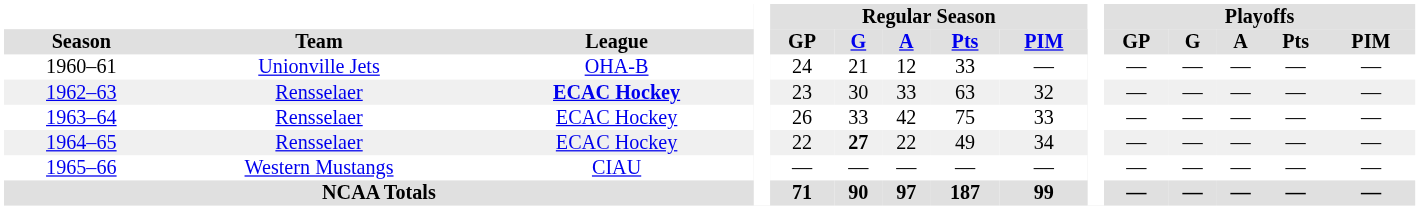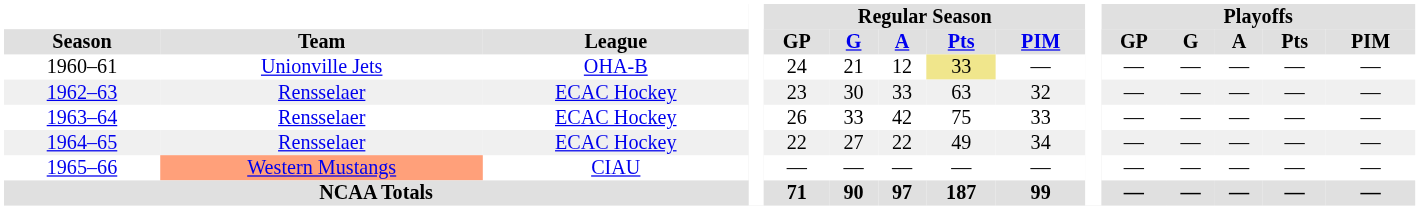 <table border="0" cellpadding="1" cellspacing="0" style="text-align:center; width:70em">
 <tr bgcolor="#e0e0e0">
 <th colspan="3"  bgcolor="#ffffff"> </th>
 <th rowspan="99" bgcolor="#ffffff"> </th>
 <th colspan="5">Regular Season</th>
 <th rowspan="99" bgcolor="#ffffff"> </th>
 <th colspan="5">Playoffs</th>
 </tr>
 <tr bgcolor="#e0e0e0">
 <th>Season</th>
 <th>Team</th>
 <th>League</th>
 <th>GP</th>
 <th><a href='#'>G</a></th>
 <th><a href='#'>A</a></th>
 <th><a href='#'>Pts</a></th>
 <th><a href='#'>PIM</a></th>
 <th>GP</th>
 <th>G</th>
 <th>A</th>
 <th>Pts</th>
 <th>PIM</th>
 </tr>
 <tr>
 <td>1960–61</td>
 <td><a href='#'>Unionville Jets</a></td>
 <td><a href='#'>OHA-B</a></td>
 <td>24</td>
 <td>21</td>
 <td>12</td>
-<td>33</td>
+<td style="background: khaki;">33</td>
 <td>—</td>
 <td>—</td>
 <td>—</td>
 <td>—</td>
 <td>—</td>
 <td>—</td>
 </tr>
 <tr bgcolor=f0f0f0>
 <td><a href='#'>1962–63</a></td>
 <td><a href='#'>Rensselaer</a></td>
-<td><strong><a href='#'>ECAC Hockey</a></strong></td>
+<td><a href='#'>ECAC Hockey</a></td>
 <td>23</td>
 <td>30</td>
 <td>33</td>
 <td>63</td>
 <td>32</td>
 <td>—</td>
 <td>—</td>
 <td>—</td>
 <td>—</td>
 <td>—</td>
 </tr>
 <tr>
 <td><a href='#'>1963–64</a></td>
 <td><a href='#'>Rensselaer</a></td>
 <td><a href='#'>ECAC Hockey</a></td>
 <td>26</td>
 <td>33</td>
 <td>42</td>
 <td>75</td>
 <td>33</td>
 <td>—</td>
 <td>—</td>
 <td>—</td>
 <td>—</td>
 <td>—</td>
 </tr>
 <tr bgcolor=f0f0f0>
 <td><a href='#'>1964–65</a></td>
 <td><a href='#'>Rensselaer</a></td>
 <td><a href='#'>ECAC Hockey</a></td>
 <td>22</td>
-<td><strong>27</strong></td>
+<td>27</td>
 <td>22</td>
 <td>49</td>
 <td>34</td>
 <td>—</td>
 <td>—</td>
 <td>—</td>
 <td>—</td>
 <td>—</td>
 </tr>
 <tr>
 <td><a href='#'>1965–66</a></td>
-<td><a href='#'>Western Mustangs</a></td>
+<td style="background: lightsalmon;"><a href='#'>Western Mustangs</a></td>
 <td><a href='#'>CIAU</a></td>
 <td>—</td>
 <td>—</td>
 <td>—</td>
 <td>—</td>
 <td>—</td>
 <td>—</td>
 <td>—</td>
 <td>—</td>
 <td>—</td>
 <td>—</td>
 </tr>
 <tr bgcolor="#e0e0e0">
 <th colspan="3">NCAA Totals</th>
 <th>71</th>
 <th>90</th>
 <th>97</th>
 <th>187</th>
 <th>99</th>
 <th>—</th>
 <th>—</th>
 <th>—</th>
 <th>—</th>
 <th>—</th>
 </tr>
 </table>
